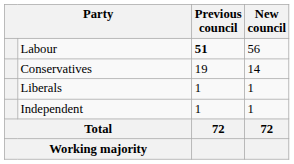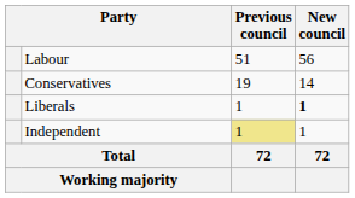 <table class="wikitable">
 <tr>
 <th valign=top colspan="2" style="width: 230px">Party</th>
 <th valign=top style="width: 30px">Previous council</th>
 <th valign=top style="width: 30px">New council</th>
 </tr>
 <tr>
 <th style="background-color: "></th>
 <td>Labour</td>
-<td><strong>51</strong></td>
+<td>51</td>
 <td>56</td>
 </tr>
 <tr>
 <th style="background-color: "></th>
 <td>Conservatives</td>
 <td>19</td>
 <td>14</td>
 </tr>
 <tr>
 <th style="background-color: "></th>
 <td>Liberals</td>
 <td>1</td>
-<td>1</td>
+<td><strong>1</strong></td>
 </tr>
 <tr>
 <th style="background-color: "></th>
 <td>Independent</td>
-<td>1</td>
+<td style="background: khaki;">1</td>
 <td>1</td>
 </tr>
 <tr>
 <th colspan=2>Total</th>
 <th style="text-align: center">72</th>
 <th colspan=3>72</th>
 </tr>
 <tr>
 <th colspan=2>Working majority</th>
 <th></th>
 <th></th>
 </tr>
 </table>
